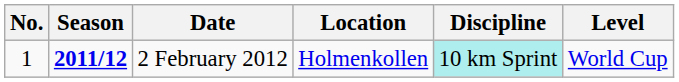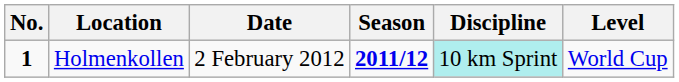 <table class="wikitable" style="text-align:center;">
 <tr>
 <th>No.</th>
+<th>Location</th>
+<th>Date</th>
 <th>Season</th>
-<th>Date</th>
-<th>Location</th>
 <th>Discipline</th>
 <th>Level</th>
 </tr>
 <tr>
-<td>1</td>
+<td><strong>1</strong></td>
+<td align="left"> <a href='#'>Holmenkollen</a></td>
+<td align="right">2 February 2012</td>
 <td><strong><a href='#'>2011/12</a></strong></td>
-<td align="right">2 February 2012</td>
-<td align="left"> <a href='#'>Holmenkollen</a></td>
 <td style="background: paleturquoise;">10 km Sprint</td>
 <td><a href='#'>World Cup</a></td>
 </tr>
 </table>
